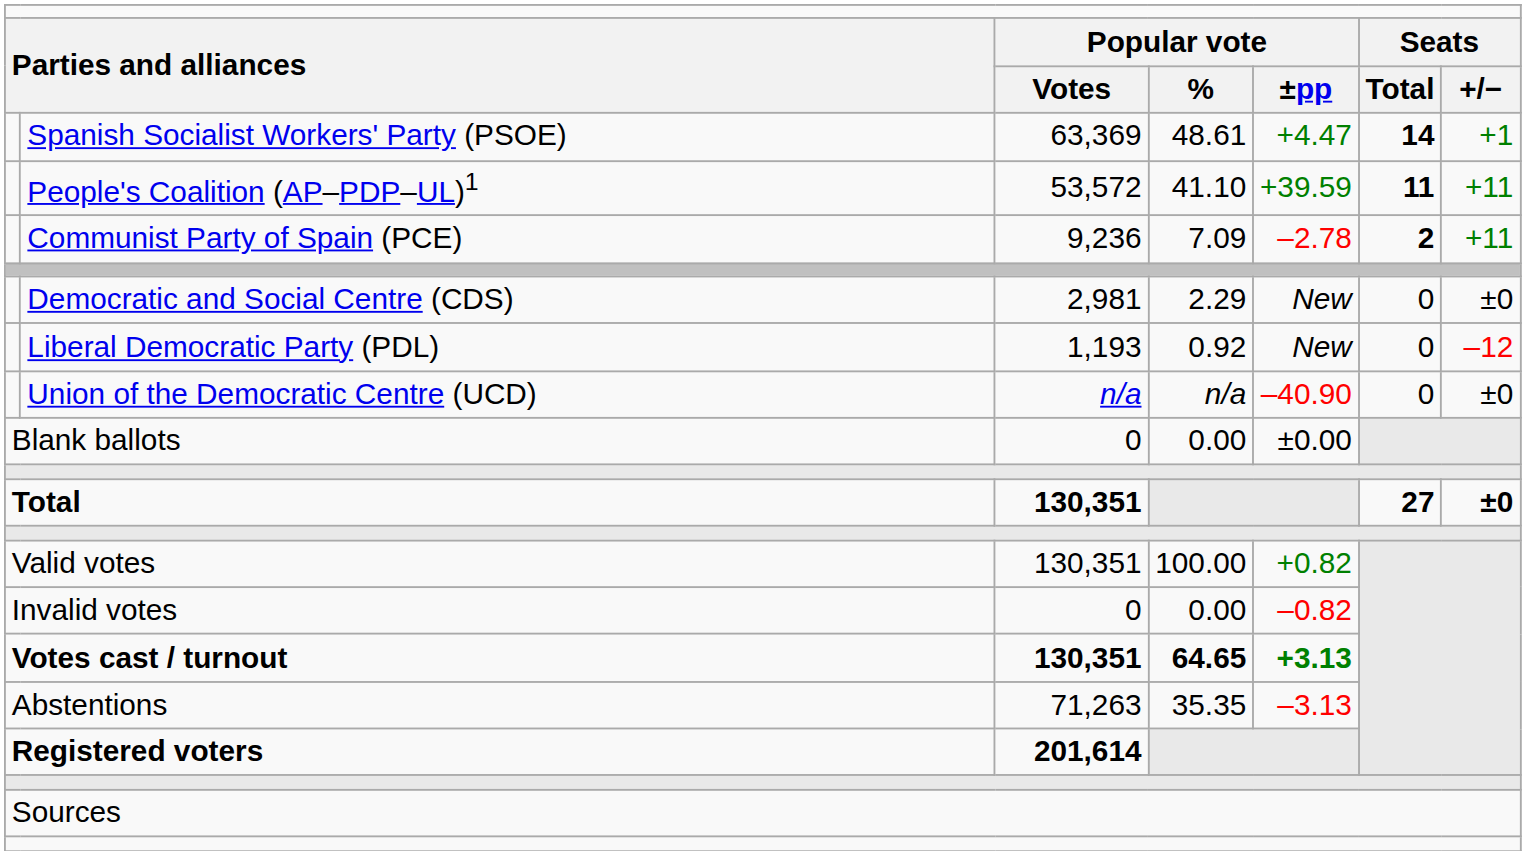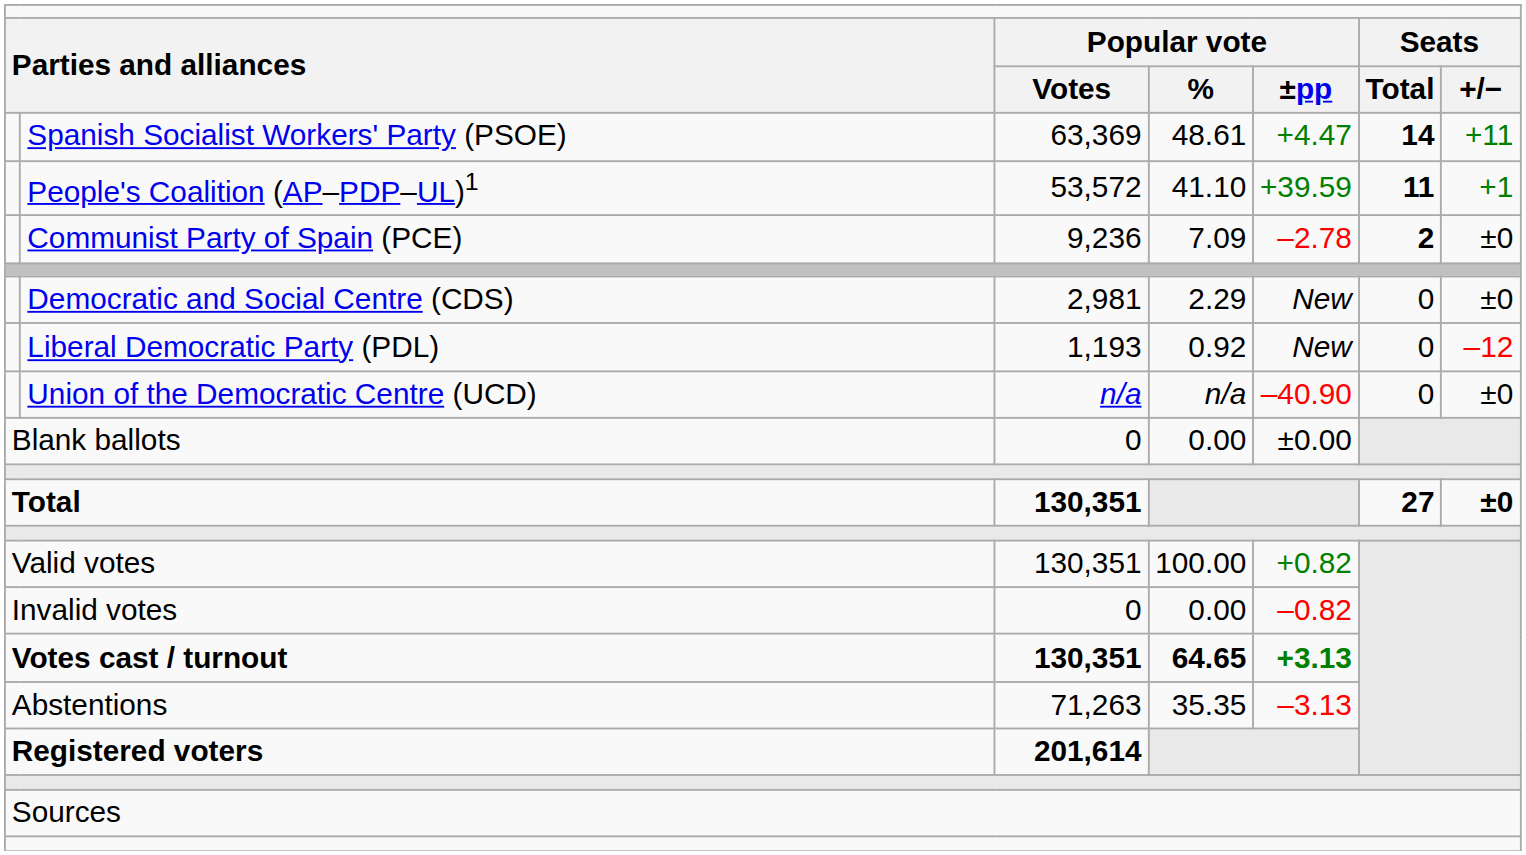 <table class="wikitable" style="text-align:right;">
 <tr>
 <td colspan="7"></td>
 </tr>
 <tr>
 <th style="text-align:left;" rowspan="2" colspan="2" width="525">Parties and alliances</th>
 <th colspan="3">Popular vote</th>
 <th colspan="2">Seats</th>
 </tr>
 <tr>
 <th width="75">Votes</th>
 <th width="45">%</th>
 <th width="45">±<a href='#'>pp</a></th>
 <th width="35">Total</th>
 <th width="35">+/−</th>
 </tr>
 <tr>
 <td width="1" style="color:inherit;background:"></td>
 <td align="left"><a href='#'>Spanish Socialist Workers' Party</a> (PSOE)</td>
 <td>63,369</td>
 <td>48.61</td>
 <td style="color:green;">+4.47</td>
 <td><strong>14</strong></td>
-<td style="color:green;">+1</td>
+<td style="color:green;">+11</td>
 </tr>
 <tr>
 <td style="color:inherit;background:"></td>
 <td align="left"><a href='#'>People's Coalition</a> (<a href='#'>AP</a>–<a href='#'>PDP</a>–<a href='#'>UL</a>)<sup>1</sup></td>
 <td>53,572</td>
 <td>41.10</td>
 <td style="color:green;">+39.59</td>
 <td><strong>11</strong></td>
-<td style="color:green;">+11</td>
+<td style="color:green;">+1</td>
 </tr>
 <tr>
 <td style="color:inherit;background:"></td>
 <td align="left"><a href='#'>Communist Party of Spain</a> (PCE)</td>
 <td>9,236</td>
 <td>7.09</td>
 <td style="color:red;">–2.78</td>
 <td><strong>2</strong></td>
-<td style="color:green;">+11</td>
+<td>±0</td>
 </tr>
 <tr>
 <td colspan="7" bgcolor="#C0C0C0"></td>
 </tr>
 <tr>
 <td style="color:inherit;background:"></td>
 <td align="left"><a href='#'>Democratic and Social Centre</a> (CDS)</td>
 <td>2,981</td>
 <td>2.29</td>
 <td><em>New</em></td>
 <td>0</td>
 <td>±0</td>
 </tr>
 <tr>
 <td style="color:inherit;background:"></td>
 <td align="left"><a href='#'>Liberal Democratic Party</a> (PDL)</td>
 <td>1,193</td>
 <td>0.92</td>
 <td><em>New</em></td>
 <td>0</td>
 <td style="color:red;">–12</td>
 </tr>
 <tr>
 <td style="color:inherit;background:"></td>
 <td align="left"><a href='#'>Union of the Democratic Centre</a> (UCD)</td>
 <td><em><a href='#'>n/a</a></em></td>
 <td><em>n/a</em></td>
 <td style="color:red;">–40.90</td>
 <td>0</td>
 <td>±0</td>
 </tr>
 <tr>
 <td align="left" colspan="2">Blank ballots</td>
 <td>0</td>
 <td>0.00</td>
 <td>±0.00</td>
 <td bgcolor="#E9E9E9" colspan="2"></td>
 </tr>
 <tr>
 <td colspan="7" bgcolor="#E9E9E9"></td>
 </tr>
 <tr style="font-weight:bold;">
 <td align="left" colspan="2">Total</td>
 <td>130,351</td>
 <td bgcolor="#E9E9E9" colspan="2"></td>
 <td>27</td>
 <td>±0</td>
 </tr>
 <tr>
 <td colspan="7" bgcolor="#E9E9E9"></td>
 </tr>
 <tr>
 <td align="left" colspan="2">Valid votes</td>
 <td>130,351</td>
 <td>100.00</td>
 <td style="color:green;">+0.82</td>
 <td bgcolor="#E9E9E9" colspan="2" rowspan="5"></td>
 </tr>
 <tr>
 <td align="left" colspan="2">Invalid votes</td>
 <td>0</td>
 <td>0.00</td>
 <td style="color:red;">–0.82</td>
 </tr>
 <tr style="font-weight:bold;">
 <td align="left" colspan="2">Votes cast / turnout</td>
 <td>130,351</td>
 <td>64.65</td>
 <td style="color:green;">+3.13</td>
 </tr>
 <tr>
 <td align="left" colspan="2">Abstentions</td>
 <td>71,263</td>
 <td>35.35</td>
 <td style="color:red;">–3.13</td>
 </tr>
 <tr style="font-weight:bold;">
 <td align="left" colspan="2">Registered voters</td>
 <td>201,614</td>
 <td bgcolor="#E9E9E9" colspan="2"></td>
 </tr>
 <tr>
 <td colspan="7" bgcolor="#E9E9E9"></td>
 </tr>
 <tr>
 <td align="left" colspan="7">Sources</td>
 </tr>
 <tr>
 <td colspan="7" style="text-align:left; max-width:790px;"></td>
 </tr>
 </table>
